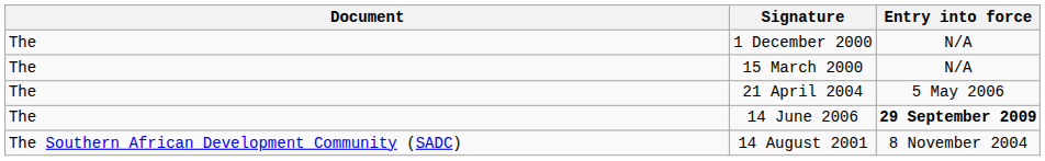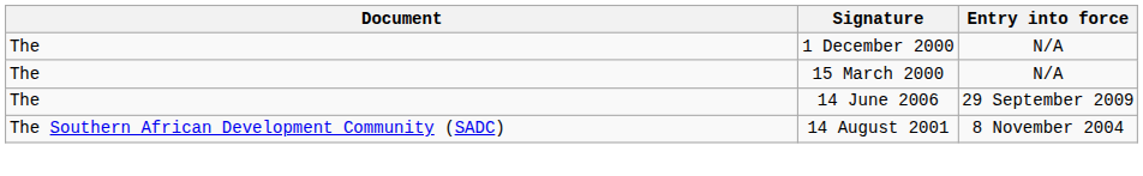 <table class="wikitable"  style="align:right; text-align:center;">
 <tr>
 <th>Document</th>
 <th>Signature</th>
 <th>Entry into force</th>
 </tr>
 <tr>
 <td style="text-align:left; width: 70%;">The </td>
 <td>1 December 2000</td>
 <td>N/A</td>
 </tr>
 <tr>
 <td style="text-align:left;">The </td>
 <td>15 March 2000</td>
 <td>N/A</td>
 </tr>
 <tr>
 <td style="text-align:left;">The </td>
-<td>21 April 2004</td>
-<td>5 May 2006</td>
-</tr>
-<tr>
-<td style="text-align:left;">The </td>
 <td>14 June 2006</td>
-<td><strong>29 September 2009</strong></td>
+<td>29 September 2009</td>
 </tr>
 <tr>
 <td style="text-align:left;">The <a href='#'>Southern African Development Community</a> (<a href='#'>SADC</a>) </td>
 <td>14 August 2001</td>
 <td>8 November 2004</td>
 </tr>
 </table>
